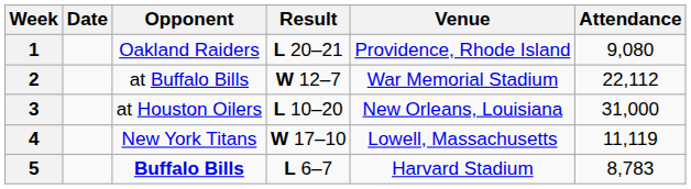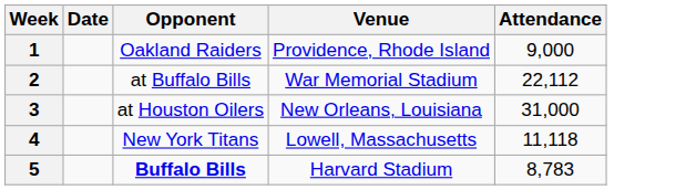 <table class="wikitable" style="text-align:center">
 <tr>
 <th>Week</th>
 <th>Date</th>
 <th>Opponent</th>
-<th>Result</th>
 <th>Venue</th>
 <th>Attendance</th>
 </tr>
 <tr>
 <th>1</th>
 <td></td>
 <td><a href='#'>Oakland Raiders</a></td>
-<td><strong>L</strong> 20–21</td>
 <td><a href='#'>Providence, Rhode Island</a></td>
-<td>9,080</td>
+<td>9,000</td>
 </tr>
 <tr>
 <th>2</th>
 <td></td>
 <td>at <a href='#'>Buffalo Bills</a></td>
-<td><strong>W</strong> 12–7</td>
 <td><a href='#'>War Memorial Stadium</a></td>
 <td>22,112</td>
 </tr>
 <tr>
 <th>3</th>
 <td></td>
 <td>at <a href='#'>Houston Oilers</a></td>
-<td><strong>L</strong> 10–20</td>
 <td><a href='#'>New Orleans, Louisiana</a></td>
 <td>31,000</td>
 </tr>
 <tr>
 <th>4</th>
 <td></td>
 <td><a href='#'>New York Titans</a></td>
-<td><strong>W</strong> 17–10</td>
 <td><a href='#'>Lowell, Massachusetts</a></td>
-<td>11,119</td>
+<td>11,118</td>
 </tr>
 <tr>
 <th>5</th>
 <td></td>
 <td><strong><a href='#'>Buffalo Bills</a></strong></td>
-<td><strong>L</strong> 6–7</td>
 <td><a href='#'>Harvard Stadium</a></td>
 <td>8,783</td>
 </tr>
 </table>
